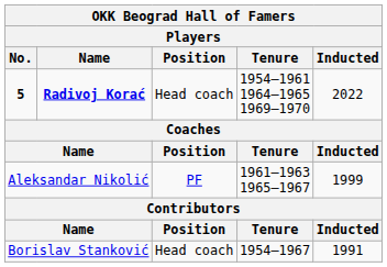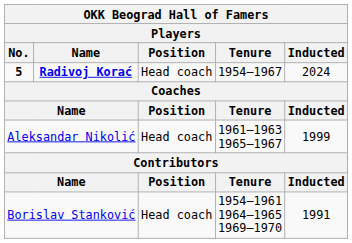 <table class="wikitable" style="text-align:center">
 <tr>
 <th colspan="5">OKK Beograd Hall of Famers</th>
 </tr>
 <tr>
 <th colspan="5">Players</th>
 </tr>
 <tr>
 <th>No.</th>
 <th>Name</th>
 <th>Position</th>
 <th>Tenure</th>
 <th>Inducted</th>
 </tr>
 <tr>
 <td><strong>5</strong></td>
 <td><strong><a href='#'>Radivoj Korać</a></strong></td>
 <td>Head coach</td>
-<td>1954–1961<br>1964–1965<br>1969–1970</td>
-<td>2022</td>
+<td>1954–1967</td>
+<td>2024</td>
 </tr>
 <tr>
 <th colspan="5">Coaches</th>
 </tr>
 <tr>
 <th colspan=2>Name</th>
 <th>Position</th>
 <th>Tenure</th>
 <th>Inducted</th>
 </tr>
 <tr>
 <td colspan=2><a href='#'>Aleksandar Nikolić</a></td>
-<td><a href='#'>PF</a></td>
+<td>Head coach</td>
 <td>1961–1963<br>1965–1967</td>
 <td>1999</td>
 </tr>
 <tr>
 <th colspan="5">Contributors</th>
 </tr>
 <tr>
 <th colspan=2>Name</th>
 <th>Position</th>
 <th>Tenure</th>
 <th>Inducted</th>
 </tr>
 <tr>
 <td colspan=2><a href='#'>Borislav Stanković</a></td>
 <td>Head coach</td>
-<td>1954–1967</td>
+<td>1954–1961<br>1964–1965<br>1969–1970</td>
 <td>1991</td>
 </tr>
 </table>
